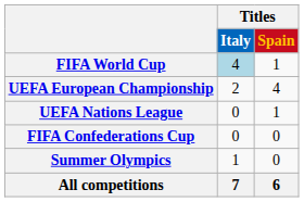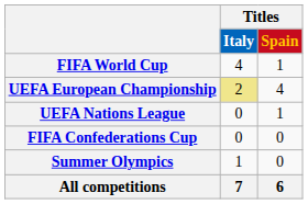 <table class="wikitable sortable" style="text-align:center">
 <tr>
 <th rowspan="2"></th>
 <th colspan="2">Titles</th>
 </tr>
 <tr>
 <th style="color:#FFFFFF; background-color:#0066BC;">Italy</th>
 <th style="color:#FFC400; background-color:#C60B1E;">Spain</th>
 </tr>
 <tr>
 <th scope="row"><a href='#'>FIFA World Cup</a></th>
-<td style="background: lightblue;">4</td>
+<td>4</td>
 <td>1</td>
 </tr>
 <tr>
 <th scope="row"><a href='#'>UEFA European Championship</a></th>
-<td>2</td>
+<td style="background: khaki;">2</td>
 <td>4</td>
 </tr>
 <tr>
 <th scope="row"><a href='#'>UEFA Nations League</a></th>
 <td>0</td>
 <td>1</td>
 </tr>
 <tr>
 <th scope="row"><a href='#'>FIFA Confederations Cup</a></th>
 <td>0</td>
 <td>0</td>
 </tr>
 <tr>
 <th scope="row"><a href='#'>Summer Olympics</a></th>
 <td>1</td>
 <td>0</td>
 </tr>
 <tr>
 <th scope="row">All competitions</th>
 <th>7</th>
 <th>6</th>
 </tr>
 </table>
